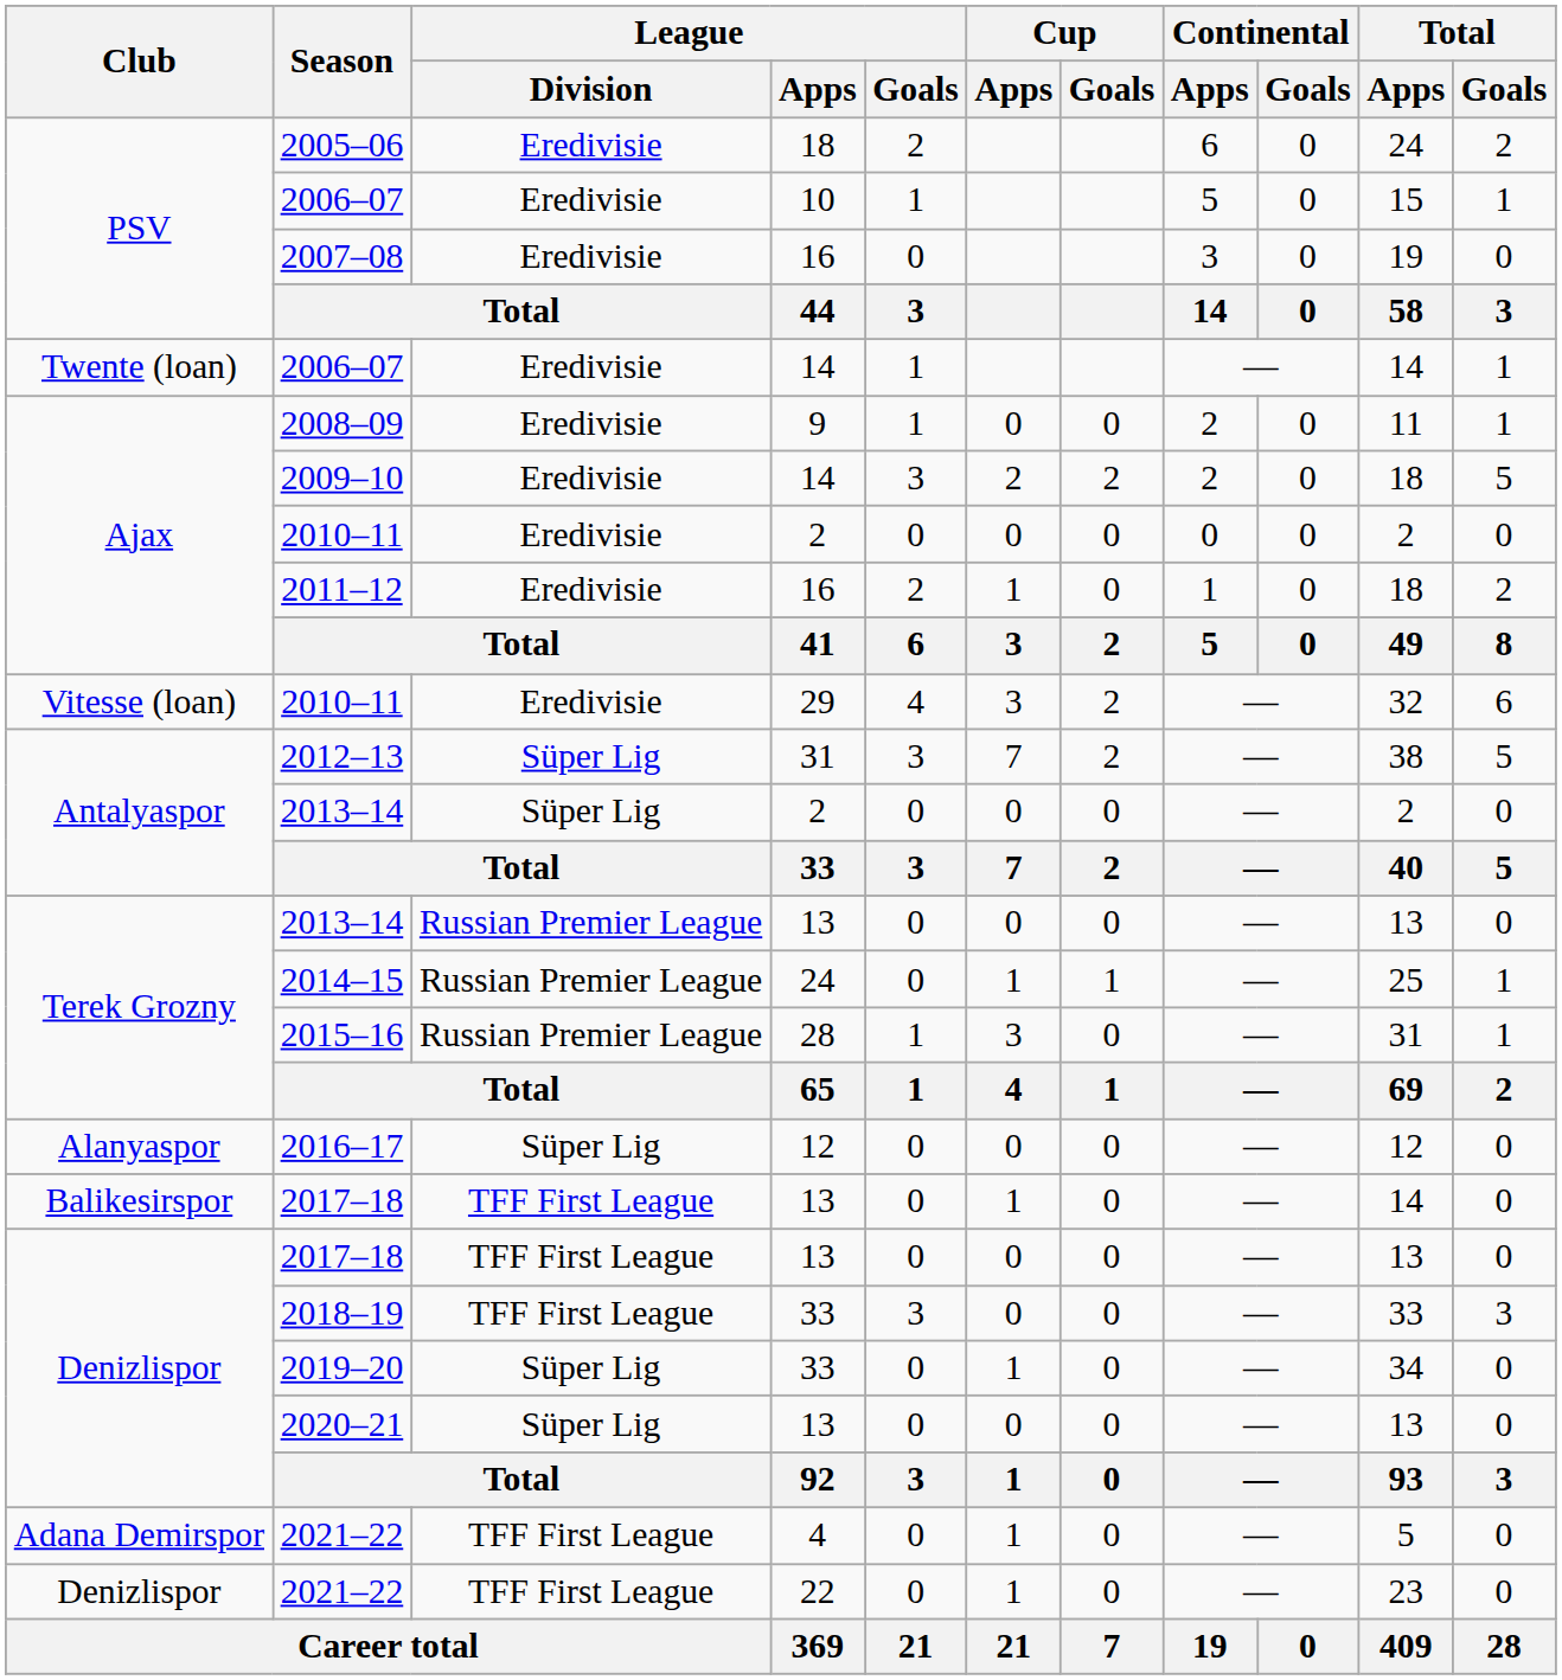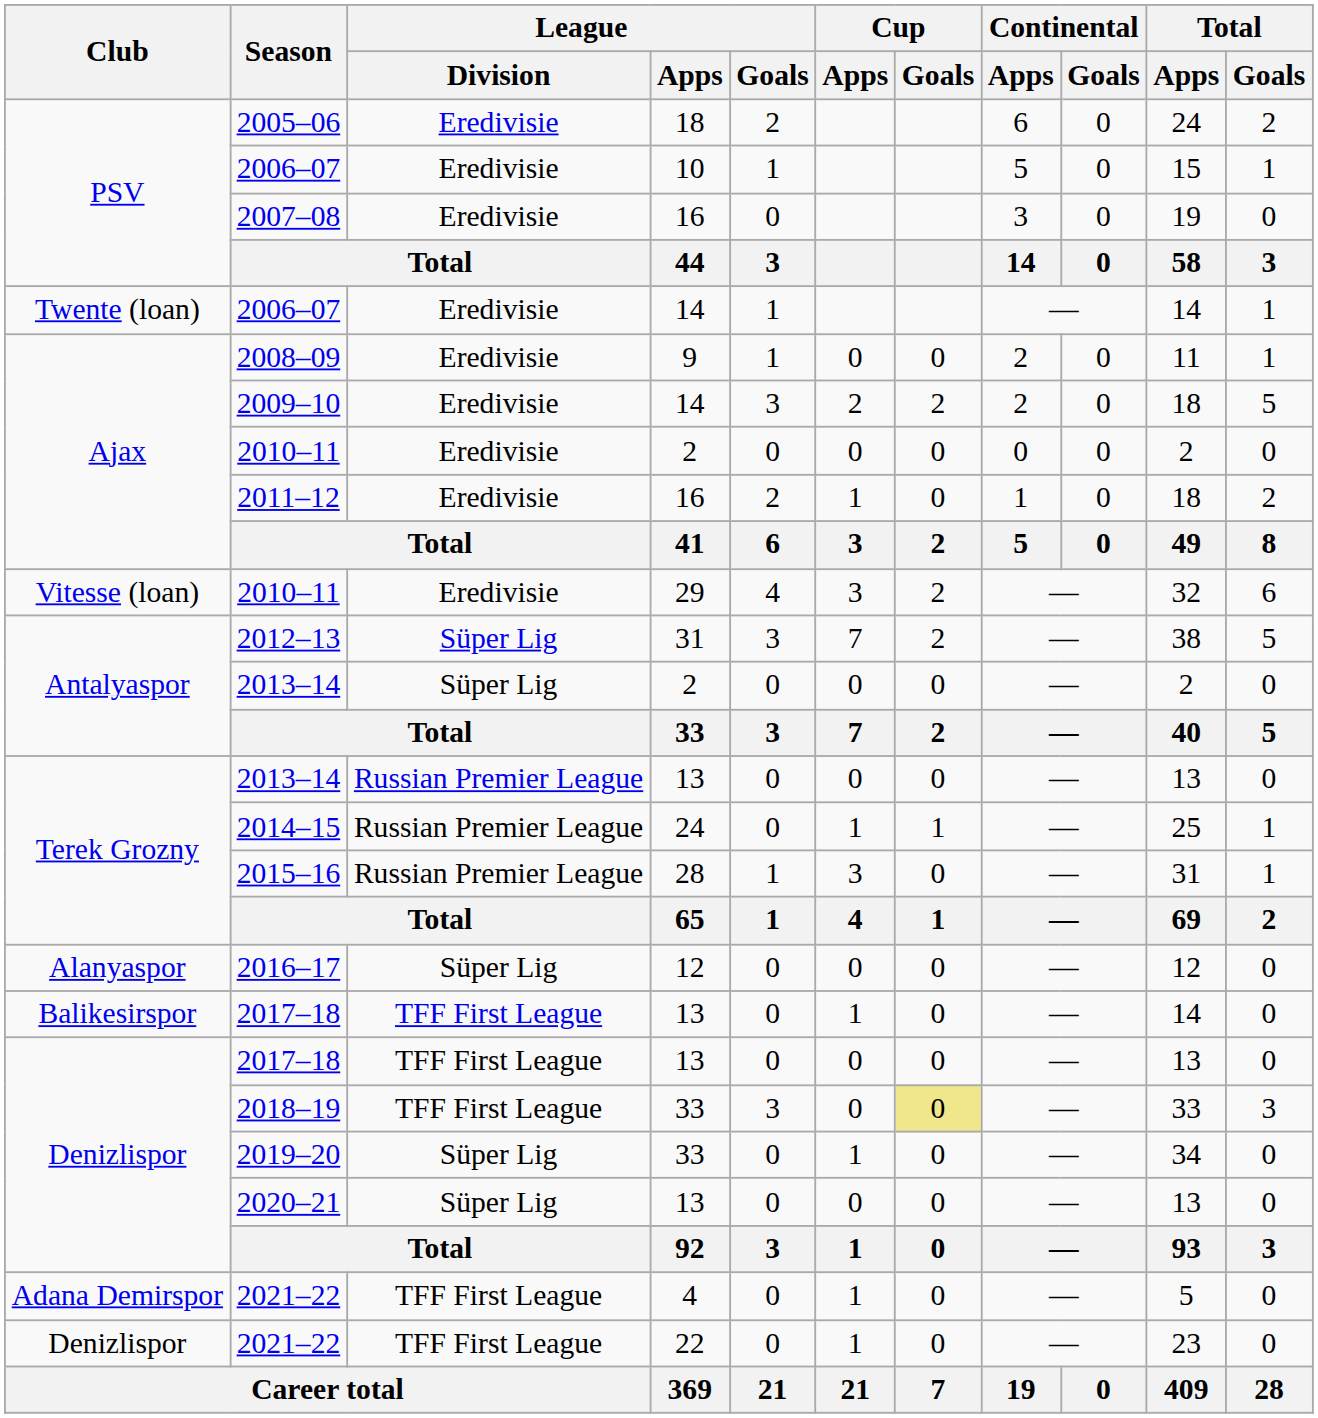 <table class="wikitable" style="text-align:center">
 <tr>
 <th rowspan="2">Club</th>
 <th rowspan="2">Season</th>
 <th colspan="3">League</th>
 <th colspan="2">Cup</th>
 <th colspan="2">Continental</th>
 <th colspan="2">Total</th>
 </tr>
 <tr>
 <th>Division</th>
 <th>Apps</th>
 <th>Goals</th>
 <th>Apps</th>
 <th>Goals</th>
 <th>Apps</th>
 <th>Goals</th>
 <th>Apps</th>
 <th>Goals</th>
 </tr>
 <tr>
 <td rowspan="4"><a href='#'>PSV</a></td>
 <td><a href='#'>2005–06</a></td>
 <td><a href='#'>Eredivisie</a></td>
 <td>18</td>
 <td>2</td>
 <td></td>
 <td></td>
 <td>6</td>
 <td>0</td>
 <td>24</td>
 <td>2</td>
 </tr>
 <tr>
 <td><a href='#'>2006–07</a></td>
 <td>Eredivisie</td>
 <td>10</td>
 <td>1</td>
 <td></td>
 <td></td>
 <td>5</td>
 <td>0</td>
 <td>15</td>
 <td>1</td>
 </tr>
 <tr>
 <td><a href='#'>2007–08</a></td>
 <td>Eredivisie</td>
 <td>16</td>
 <td>0</td>
 <td></td>
 <td></td>
 <td>3</td>
 <td>0</td>
 <td>19</td>
 <td>0</td>
 </tr>
 <tr>
 <th colspan="2">Total</th>
 <th>44</th>
 <th>3</th>
 <th></th>
 <th></th>
 <th>14</th>
 <th>0</th>
 <th>58</th>
 <th>3</th>
 </tr>
 <tr>
 <td><a href='#'>Twente</a> (loan)</td>
 <td><a href='#'>2006–07</a></td>
 <td>Eredivisie</td>
 <td>14</td>
 <td>1</td>
 <td></td>
 <td></td>
 <td colspan="2">—</td>
 <td>14</td>
 <td>1</td>
 </tr>
 <tr>
 <td rowspan="5"><a href='#'>Ajax</a></td>
 <td><a href='#'>2008–09</a></td>
 <td>Eredivisie</td>
 <td>9</td>
 <td>1</td>
 <td>0</td>
 <td>0</td>
 <td>2</td>
 <td>0</td>
 <td>11</td>
 <td>1</td>
 </tr>
 <tr>
 <td><a href='#'>2009–10</a></td>
 <td>Eredivisie</td>
 <td>14</td>
 <td>3</td>
 <td>2</td>
 <td>2</td>
 <td>2</td>
 <td>0</td>
 <td>18</td>
 <td>5</td>
 </tr>
 <tr>
 <td><a href='#'>2010–11</a></td>
 <td>Eredivisie</td>
 <td>2</td>
 <td>0</td>
 <td>0</td>
 <td>0</td>
 <td>0</td>
 <td>0</td>
 <td>2</td>
 <td>0</td>
 </tr>
 <tr>
 <td><a href='#'>2011–12</a></td>
 <td>Eredivisie</td>
 <td>16</td>
 <td>2</td>
 <td>1</td>
 <td>0</td>
 <td>1</td>
 <td>0</td>
 <td>18</td>
 <td>2</td>
 </tr>
 <tr>
 <th colspan="2">Total</th>
 <th>41</th>
 <th>6</th>
 <th>3</th>
 <th>2</th>
 <th>5</th>
 <th>0</th>
 <th>49</th>
 <th>8</th>
 </tr>
 <tr>
 <td><a href='#'>Vitesse</a> (loan)</td>
 <td><a href='#'>2010–11</a></td>
 <td>Eredivisie</td>
 <td>29</td>
 <td>4</td>
 <td>3</td>
 <td>2</td>
 <td colspan="2">—</td>
 <td>32</td>
 <td>6</td>
 </tr>
 <tr>
 <td rowspan="3"><a href='#'>Antalyaspor</a></td>
 <td><a href='#'>2012–13</a></td>
 <td><a href='#'>Süper Lig</a></td>
 <td>31</td>
 <td>3</td>
 <td>7</td>
 <td>2</td>
 <td colspan="2">—</td>
 <td>38</td>
 <td>5</td>
 </tr>
 <tr>
 <td><a href='#'>2013–14</a></td>
 <td>Süper Lig</td>
 <td>2</td>
 <td>0</td>
 <td>0</td>
 <td>0</td>
 <td colspan="2">—</td>
 <td>2</td>
 <td>0</td>
 </tr>
 <tr>
 <th colspan="2">Total</th>
 <th>33</th>
 <th>3</th>
 <th>7</th>
 <th>2</th>
 <th colspan="2">—</th>
 <th>40</th>
 <th>5</th>
 </tr>
 <tr>
 <td rowspan="4"><a href='#'>Terek Grozny</a></td>
 <td><a href='#'>2013–14</a></td>
 <td><a href='#'>Russian Premier League</a></td>
 <td>13</td>
 <td>0</td>
 <td>0</td>
 <td>0</td>
 <td colspan="2">—</td>
 <td>13</td>
 <td>0</td>
 </tr>
 <tr>
 <td><a href='#'>2014–15</a></td>
 <td>Russian Premier League</td>
 <td>24</td>
 <td>0</td>
 <td>1</td>
 <td>1</td>
 <td colspan="2">—</td>
 <td>25</td>
 <td>1</td>
 </tr>
 <tr>
 <td><a href='#'>2015–16</a></td>
 <td>Russian Premier League</td>
 <td>28</td>
 <td>1</td>
 <td>3</td>
 <td>0</td>
 <td colspan="2">—</td>
 <td>31</td>
 <td>1</td>
 </tr>
 <tr>
 <th colspan="2">Total</th>
 <th>65</th>
 <th>1</th>
 <th>4</th>
 <th>1</th>
 <th colspan="2">—</th>
 <th>69</th>
 <th>2</th>
 </tr>
 <tr>
 <td><a href='#'>Alanyaspor</a></td>
 <td><a href='#'>2016–17</a></td>
 <td>Süper Lig</td>
 <td>12</td>
 <td>0</td>
 <td>0</td>
 <td>0</td>
 <td colspan="2">—</td>
 <td>12</td>
 <td>0</td>
 </tr>
 <tr>
 <td><a href='#'>Balikesirspor</a></td>
 <td><a href='#'>2017–18</a></td>
 <td><a href='#'>TFF First League</a></td>
 <td>13</td>
 <td>0</td>
 <td>1</td>
 <td>0</td>
 <td colspan="2">—</td>
 <td>14</td>
 <td>0</td>
 </tr>
 <tr>
 <td rowspan="5"><a href='#'>Denizlispor</a></td>
 <td><a href='#'>2017–18</a></td>
 <td>TFF First League</td>
 <td>13</td>
 <td>0</td>
 <td>0</td>
 <td>0</td>
 <td colspan="2">—</td>
 <td>13</td>
 <td>0</td>
 </tr>
 <tr>
 <td><a href='#'>2018–19</a></td>
 <td>TFF First League</td>
 <td>33</td>
 <td>3</td>
 <td>0</td>
-<td>0</td>
+<td style="background: khaki;">0</td>
 <td colspan="2">—</td>
 <td>33</td>
 <td>3</td>
 </tr>
 <tr>
 <td><a href='#'>2019–20</a></td>
 <td>Süper Lig</td>
 <td>33</td>
 <td>0</td>
 <td>1</td>
 <td>0</td>
 <td colspan="2">—</td>
 <td>34</td>
 <td>0</td>
 </tr>
 <tr>
 <td><a href='#'>2020–21</a></td>
 <td>Süper Lig</td>
 <td>13</td>
 <td>0</td>
 <td>0</td>
 <td>0</td>
 <td colspan="2">—</td>
 <td>13</td>
 <td>0</td>
 </tr>
 <tr>
 <th colspan="2">Total</th>
 <th>92</th>
 <th>3</th>
 <th>1</th>
 <th>0</th>
 <th colspan="2">—</th>
 <th>93</th>
 <th>3</th>
 </tr>
 <tr>
 <td><a href='#'>Adana Demirspor</a></td>
 <td><a href='#'>2021–22</a></td>
 <td>TFF First League</td>
 <td>4</td>
 <td>0</td>
 <td>1</td>
 <td>0</td>
 <td colspan="2">—</td>
 <td>5</td>
 <td>0</td>
 </tr>
 <tr>
 <td>Denizlispor</td>
 <td><a href='#'>2021–22</a></td>
 <td>TFF First League</td>
 <td>22</td>
 <td>0</td>
 <td>1</td>
 <td>0</td>
 <td colspan="2">—</td>
 <td>23</td>
 <td>0</td>
 </tr>
 <tr>
 <th colspan="3">Career total</th>
 <th>369</th>
 <th>21</th>
 <th>21</th>
 <th>7</th>
 <th>19</th>
 <th>0</th>
 <th>409</th>
 <th>28</th>
 </tr>
 </table>
